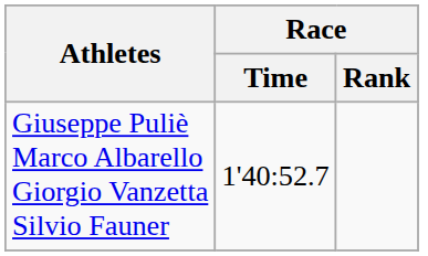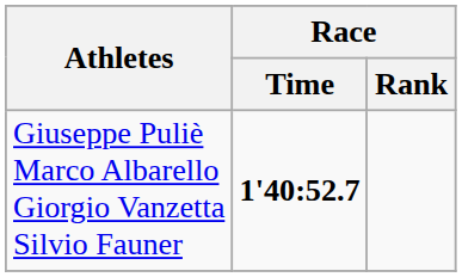 <table class="wikitable" border="1" style="font-size:90%">
 <tr>
 <th rowspan=2>Athletes</th>
 <th colspan=2>Race</th>
 </tr>
 <tr>
 <th>Time</th>
 <th>Rank</th>
 </tr>
 <tr>
 <td><a href='#'>Giuseppe Puliè</a><br><a href='#'>Marco Albarello</a><br><a href='#'>Giorgio Vanzetta</a><br><a href='#'>Silvio Fauner</a></td>
-<td align=center>1'40:52.7</td>
+<td align=center><strong>1'40:52.7</strong></td>
 <td align=center></td>
 </tr>
 </table>
